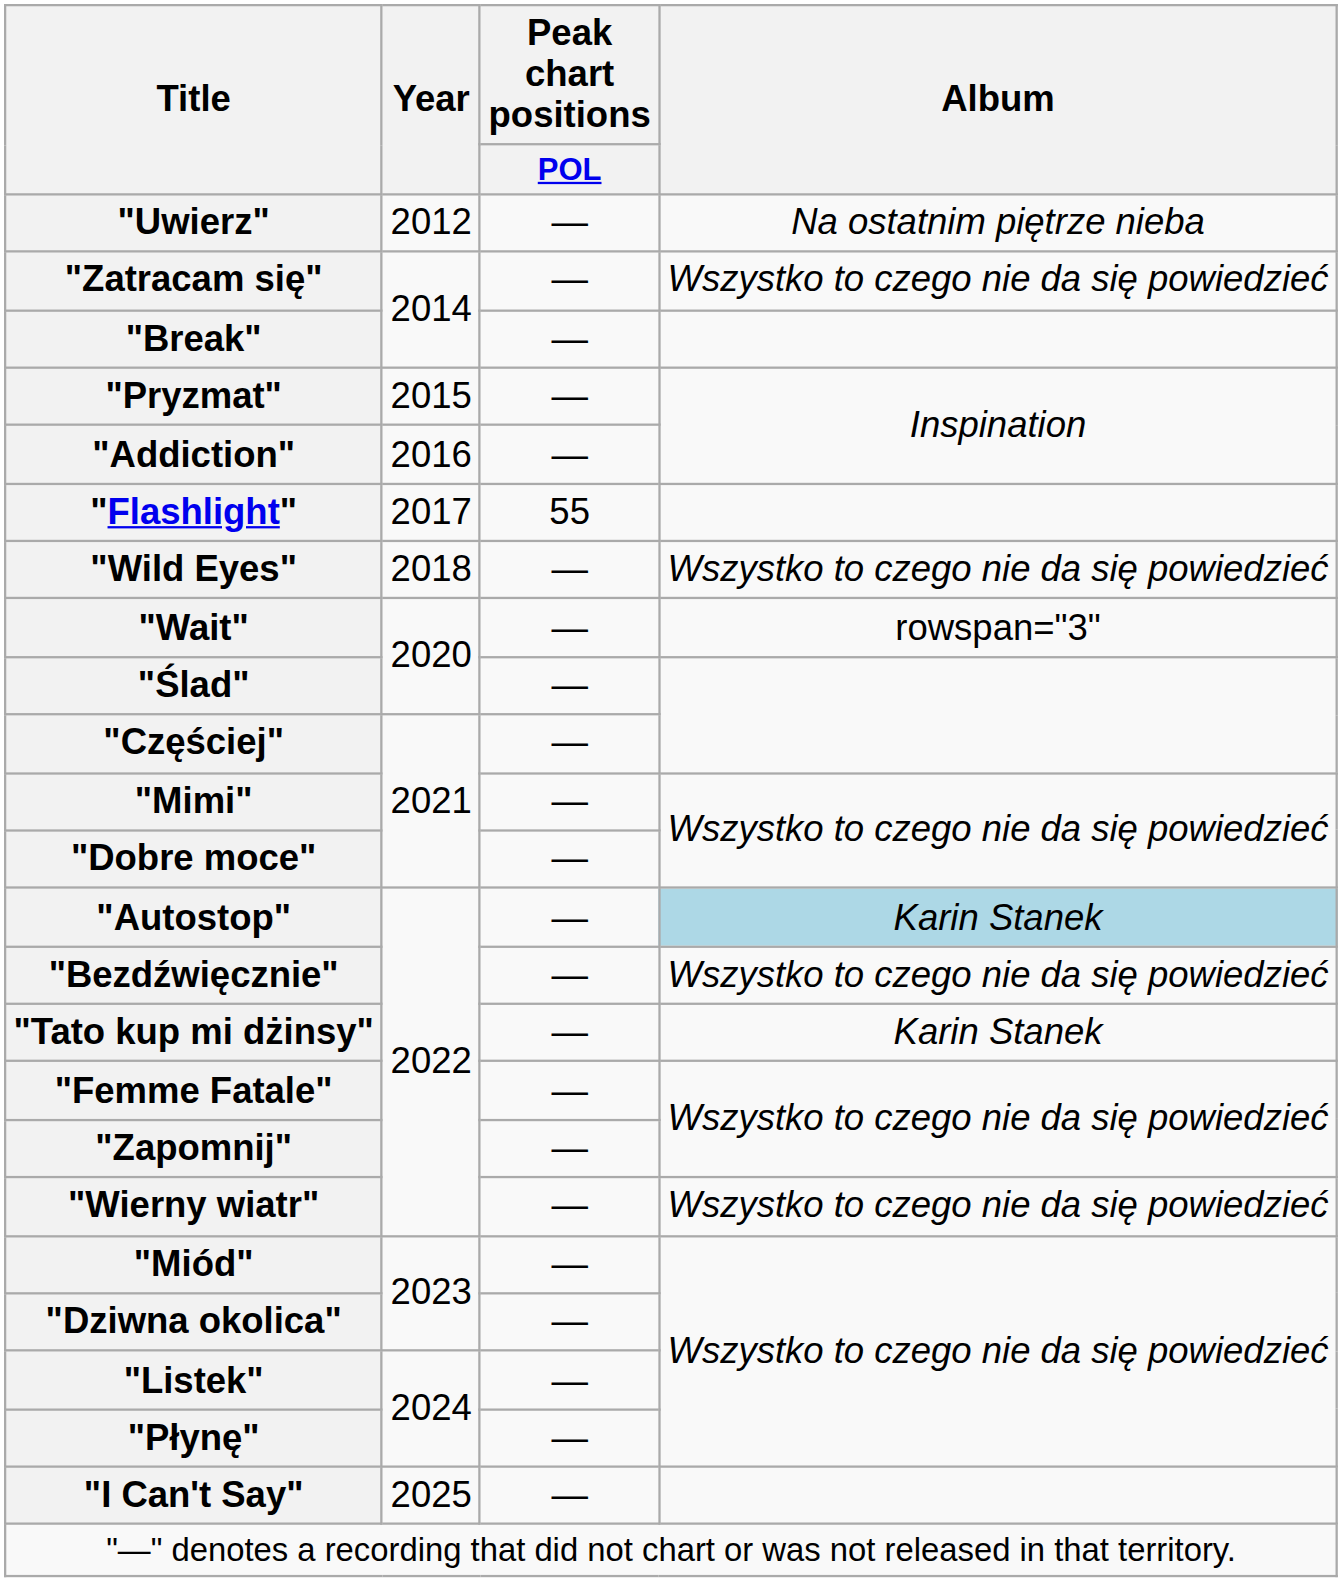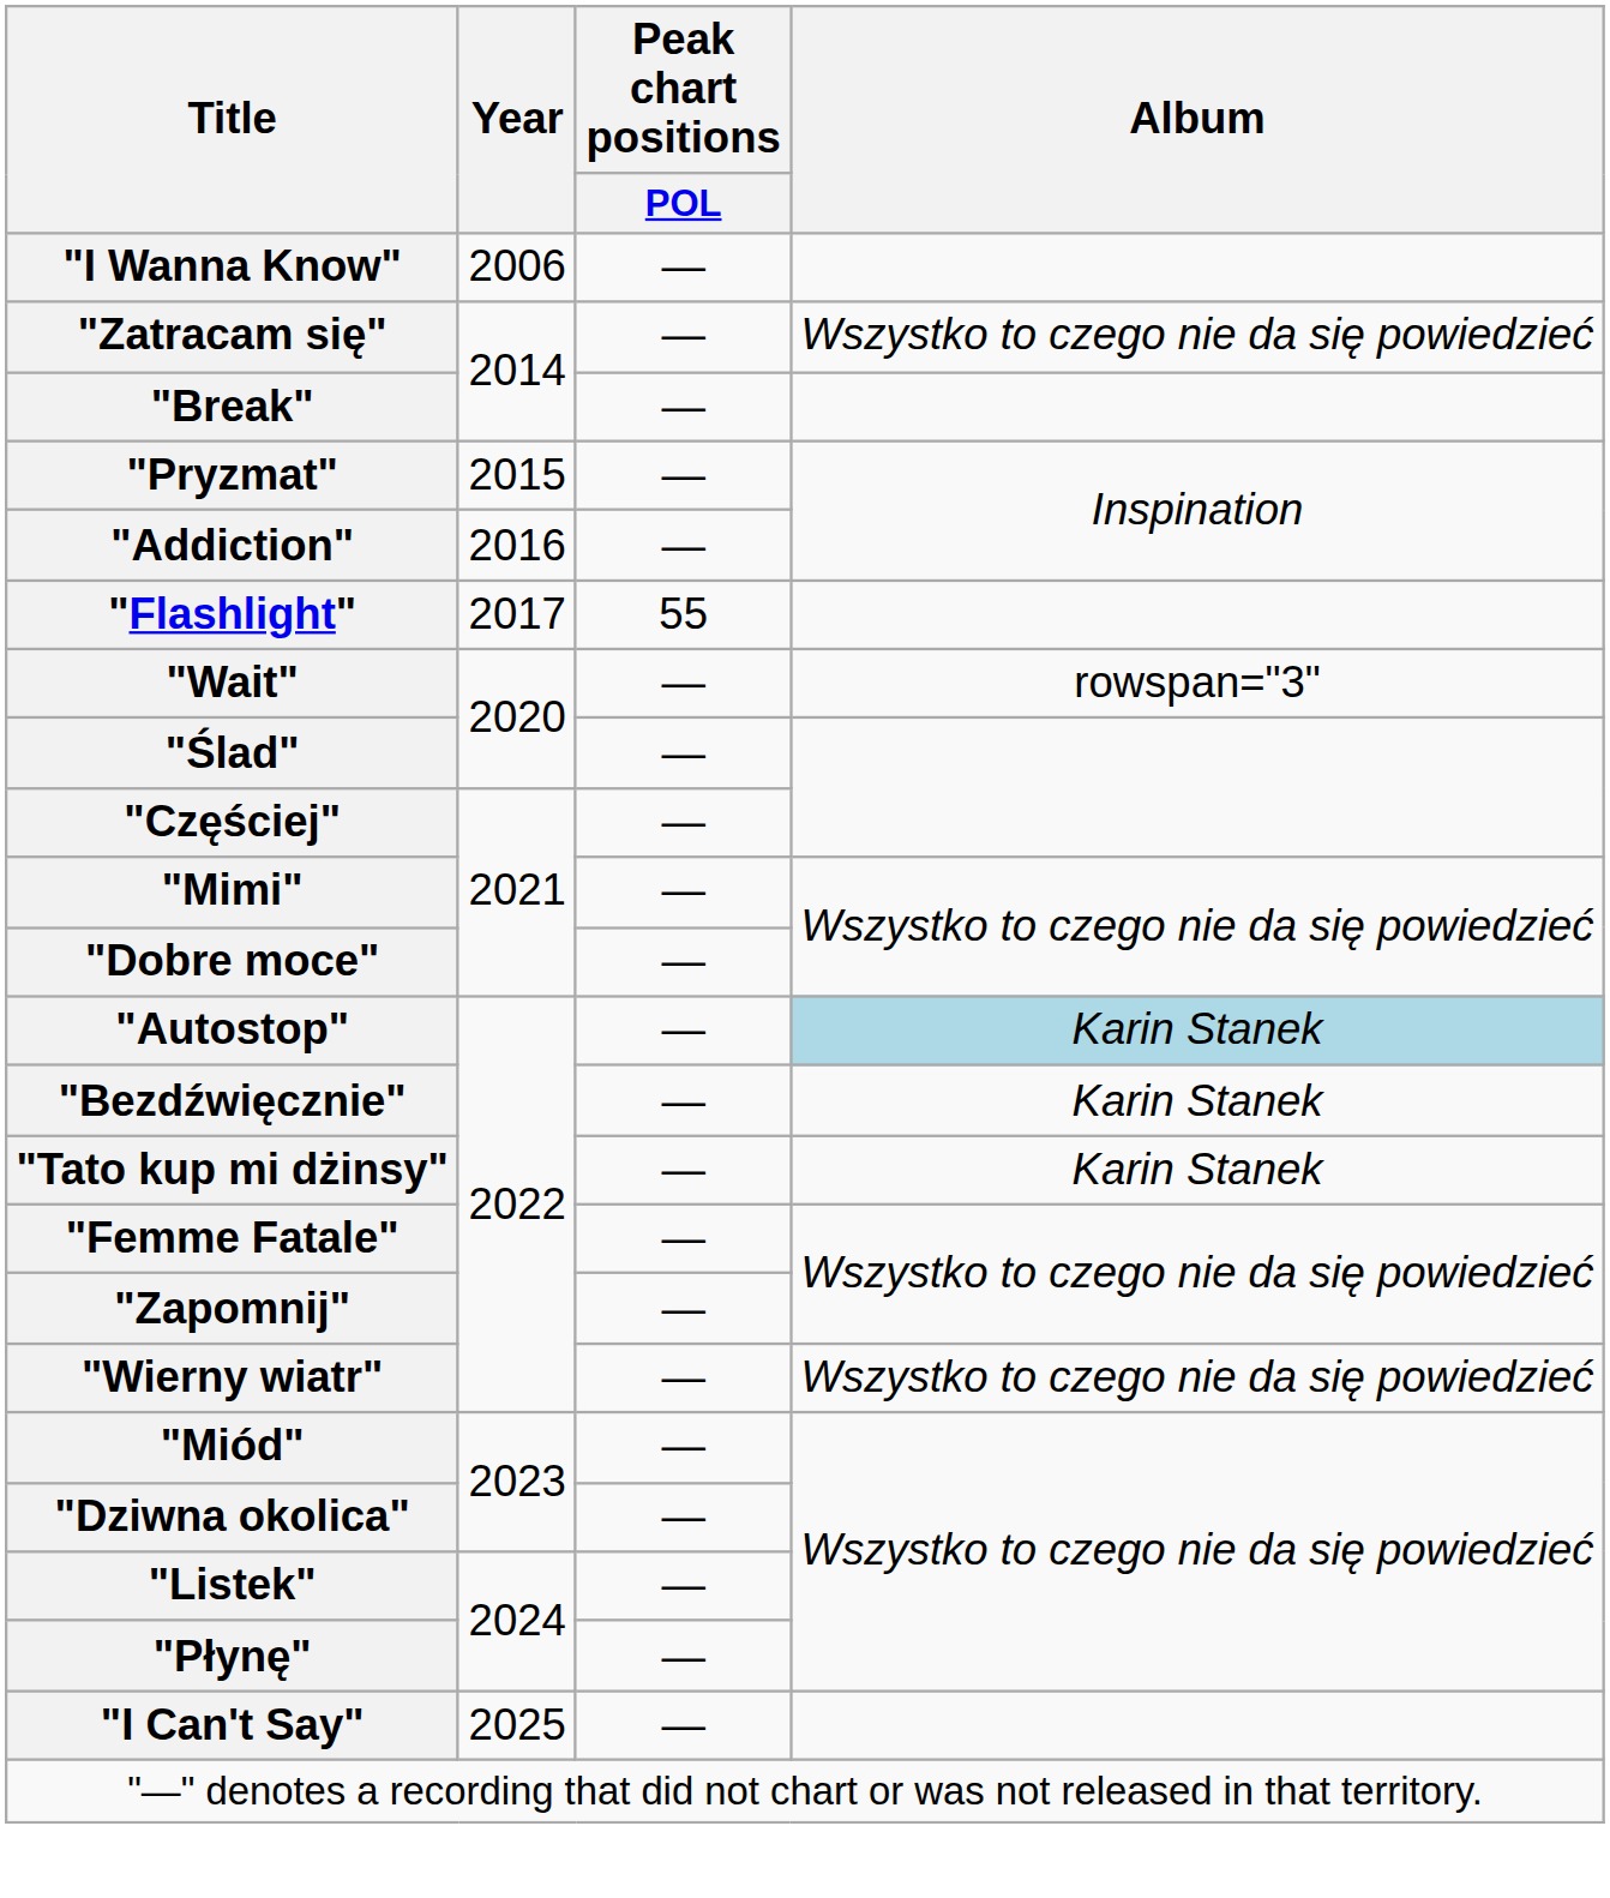 <table class="wikitable plainrowheaders" style="text-align:center;">
 <tr>
 <th scope="col" rowspan=2>Title</th>
 <th scope="col" rowspan=2>Year</th>
 <th>Peak chart positions</th>
 <th scope="col" rowspan=2>Album</th>
 </tr>
 <tr>
 <th scope="col" style="width:3em;font-size:85%;"><a href='#'>POL</a><br></th>
 </tr>
 <tr>
-<th scope="row">"Uwierz"<br></th>
-<td>2012</td>
+<th scope="row">"I Wanna Know"</th>
+<td>2006</td>
 <td>—</td>
-<td><em>Na ostatnim piętrze nieba</em></td>
+<td></td>
 </tr>
 <tr>
 <th scope="row">"Zatracam się"</th>
 <td rowspan="2">2014</td>
 <td>—</td>
 <td><em>Wszystko to czego nie da się powiedzieć</em></td>
 </tr>
 <tr>
 <th scope="row">"Break"</th>
 <td>—</td>
 <td></td>
 </tr>
 <tr>
 <th scope="row">"Pryzmat"</th>
 <td>2015</td>
 <td>—</td>
 <td rowspan="2"><em>Inspination</em></td>
 </tr>
 <tr>
 <th scope="row">"Addiction"</th>
 <td>2016</td>
 <td>—</td>
 </tr>
 <tr>
 <th scope="row">"<a href='#'>Flashlight</a>"</th>
 <td>2017</td>
 <td>55</td>
 <td></td>
-</tr>
-<tr>
-<th scope="row">"Wild Eyes"<br></th>
-<td>2018</td>
-<td>—</td>
-<td><em>Wszystko to czego nie da się powiedzieć</em></td>
 </tr>
 <tr>
 <th scope="row">"Wait"<br></th>
 <td rowspan="2">2020</td>
 <td>—</td>
 <td>rowspan="3" </td>
 </tr>
 <tr>
 <th scope="row">"Ślad"</th>
 <td>—</td>
 </tr>
 <tr>
 <th scope="row">"Częściej"<br></th>
 <td rowspan="3">2021</td>
 <td>—</td>
 </tr>
 <tr>
 <th scope="row">"Mimi"</th>
 <td>—</td>
 <td rowspan="2"><em>Wszystko to czego nie da się powiedzieć</em></td>
 </tr>
 <tr>
 <th scope="row">"Dobre moce"<br></th>
 <td>—</td>
 </tr>
 <tr>
 <th scope="row">"Autostop"</th>
 <td rowspan="6">2022</td>
 <td>—</td>
 <td style="background: lightblue;"><em>Karin Stanek</em></td>
 </tr>
 <tr>
 <th scope="row">"Bezdźwięcznie"</th>
 <td>—</td>
-<td><em>Wszystko to czego nie da się powiedzieć</em></td>
+<td><em>Karin Stanek</em></td>
 </tr>
 <tr>
 <th scope="row">"Tato kup mi dżinsy"</th>
 <td>—</td>
 <td><em>Karin Stanek</em></td>
 </tr>
 <tr>
 <th scope="row">"Femme Fatale"<br></th>
 <td>—</td>
 <td rowspan="2"><em>Wszystko to czego nie da się powiedzieć</em></td>
 </tr>
 <tr>
 <th scope="row">"Zapomnij"<br></th>
 <td>—</td>
 </tr>
 <tr>
 <th scope="row">"Wierny wiatr"</th>
 <td>—</td>
 <td><em>Wszystko to czego nie da się powiedzieć</em></td>
 </tr>
 <tr>
 <th scope="row">"Miód"</th>
 <td rowspan="2">2023</td>
 <td>—</td>
 <td rowspan="4"><em>Wszystko to czego nie da się powiedzieć</em></td>
 </tr>
 <tr>
 <th scope="row">"Dziwna okolica"<br></th>
 <td>—</td>
 </tr>
 <tr>
 <th scope="row">"Listek"</th>
 <td rowspan="2">2024</td>
 <td>—</td>
 </tr>
 <tr>
 <th scope="row">"Płynę"<br></th>
 <td>—</td>
 </tr>
 <tr>
 <th scope="row">"I Can't Say"<br></th>
 <td>2025</td>
 <td>—</td>
 <td></td>
 </tr>
 <tr>
 <td colspan="4" style="font-size:90%">"—" denotes a recording that did not chart or was not released in that territory.</td>
 </tr>
 </table>
